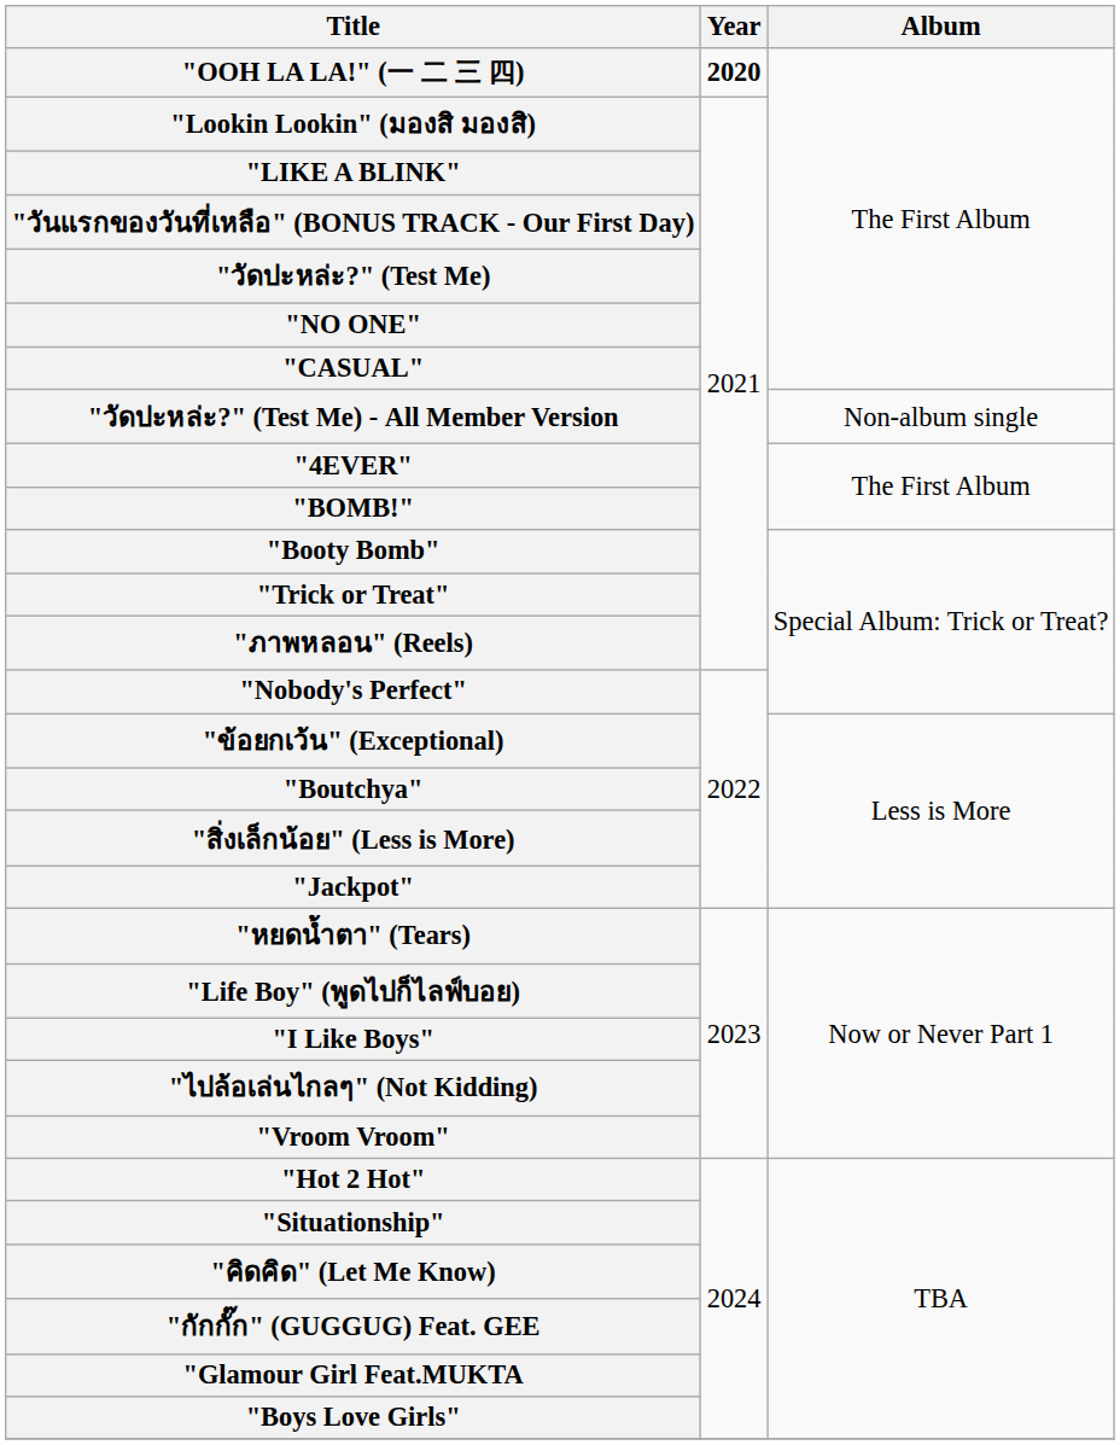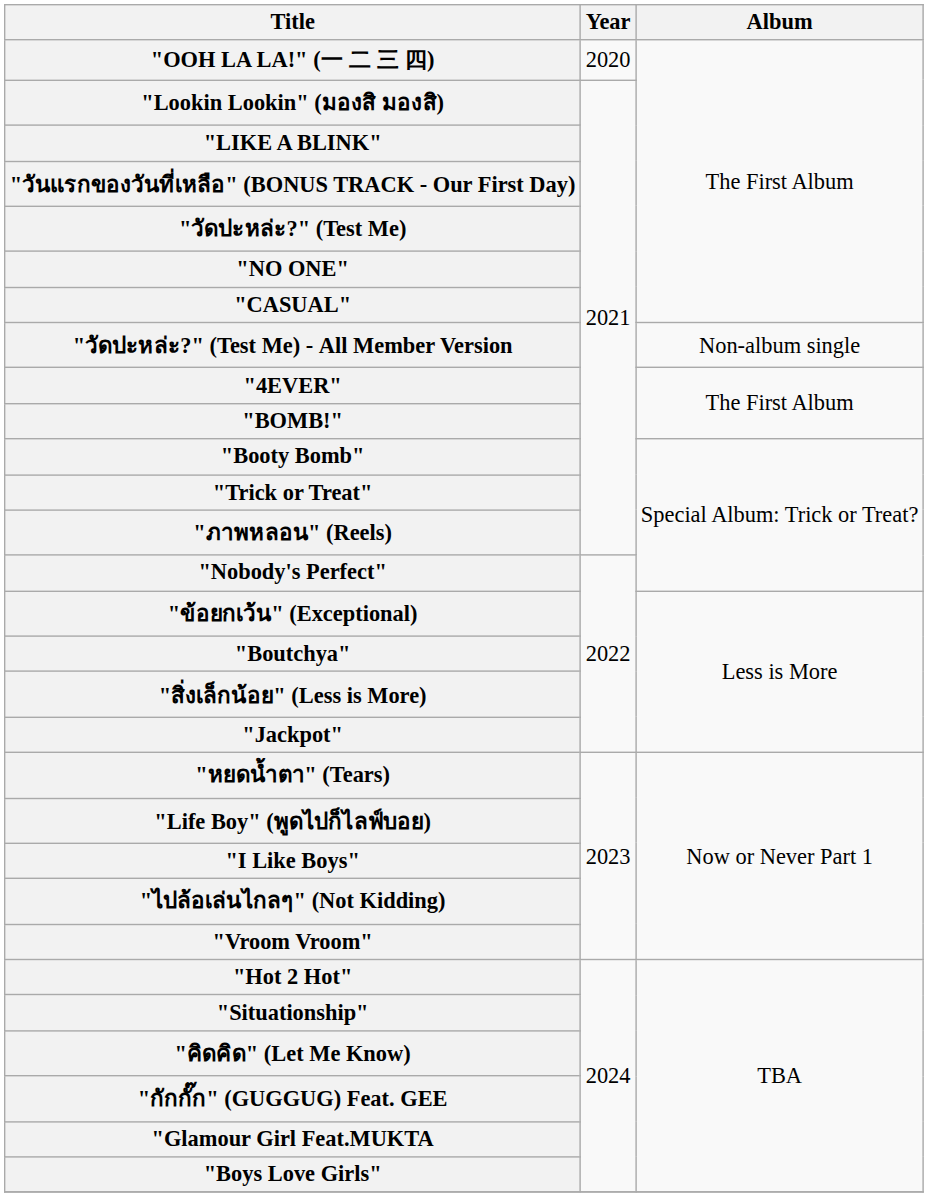 <table class="wikitable plainrowheaders" style="text-align:center;">
 <tr>
 <th scope="col">Title</th>
 <th>Year</th>
 <th>Album</th>
 </tr>
 <tr>
 <th scope="row">"OOH LA LA!" (一 二 三 四)</th>
-<td><strong>2020</strong></td>
+<td>2020</td>
 <td rowspan="7">The First Album</td>
 </tr>
 <tr>
 <th scope="row">"Lookin Lookin" (มองสิ มองสิ)</th>
 <td rowspan="12">2021</td>
 </tr>
 <tr>
 <th scope="row">"LIKE A BLINK"</th>
 </tr>
 <tr>
 <th scope="row">"วันแรกของวันที่เหลือ" (BONUS TRACK - Our First Day)</th>
 </tr>
 <tr>
 <th scope="row">"วัดปะหล่ะ?" (Test Me)</th>
 </tr>
 <tr>
 <th scope="row">"NO ONE"</th>
 </tr>
 <tr>
 <th scope="row">"CASUAL"</th>
 </tr>
 <tr>
 <th scope="row">"วัดปะหล่ะ?" (Test Me) - All Member Version</th>
 <td>Non-album single</td>
 </tr>
 <tr>
 <th scope="row">"4EVER"</th>
 <td rowspan="2">The First Album</td>
 </tr>
 <tr>
 <th scope="row">"BOMB!"</th>
 </tr>
 <tr>
 <th scope="row">"Booty Bomb"</th>
 <td rowspan="4">Special Album: Trick or Treat?</td>
 </tr>
 <tr>
 <th scope="row">"Trick or Treat"</th>
 </tr>
 <tr>
 <th scope="row">"ภาพหลอน" (Reels)</th>
 </tr>
 <tr>
 <th scope="row">"Nobody's Perfect"</th>
 <td rowspan="5">2022</td>
 </tr>
 <tr>
 <th scope="row">"ข้อยกเว้น" (Exceptional)</th>
 <td rowspan="4">Less is More</td>
 </tr>
 <tr>
 <th scope="row">"Boutchya"</th>
 </tr>
 <tr>
 <th scope="row">"สิ่งเล็กน้อย" (Less is More)</th>
 </tr>
 <tr>
 <th scope="row">"Jackpot"</th>
 </tr>
 <tr>
 <th scope="row">"หยดน้ำตา" (Tears)</th>
 <td rowspan="5">2023</td>
 <td rowspan="5">Now or Never Part 1</td>
 </tr>
 <tr>
 <th scope="row">"Life Boy" (พูดไปก็ไลฟ์บอย)</th>
 </tr>
 <tr>
 <th scope="row">"I Like Boys"</th>
 </tr>
 <tr>
 <th scope="row">"ไปล้อเล่นไกลๆ" (Not Kidding)</th>
 </tr>
 <tr>
 <th scope="row">"Vroom Vroom"</th>
 </tr>
 <tr>
 <th scope="row">"Hot 2 Hot"</th>
 <td rowspan="6">2024</td>
 <td rowspan="6">TBA</td>
 </tr>
 <tr>
 <th scope="row">"Situationship"</th>
 </tr>
 <tr>
 <th scope="row">"คิดคิด" (Let Me Know)</th>
 </tr>
 <tr>
 <th scope="row">"กักกั๊ก" (GUGGUG) Feat. GEE</th>
 </tr>
 <tr>
 <th scope="row">"Glamour Girl Feat.MUKTA</th>
 </tr>
 <tr>
 <th scope="row">"Boys Love Girls"</th>
 </tr>
 <tr>
 </tr>
 </table>
